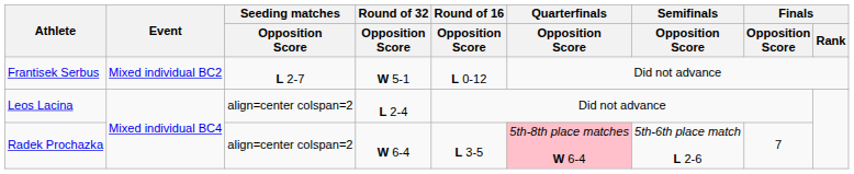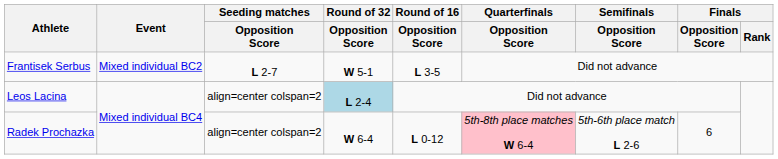 <table class=wikitable>
 <tr>
 <th rowspan="2">Athlete</th>
 <th rowspan="2">Event</th>
 <th>Seeding matches</th>
 <th>Round of 32</th>
 <th>Round of 16</th>
 <th>Quarterfinals</th>
 <th>Semifinals</th>
 <th colspan="2">Finals</th>
 </tr>
 <tr>
 <th>Opposition<br>Score</th>
 <th>Opposition<br>Score</th>
 <th>Opposition<br>Score</th>
 <th>Opposition<br>Score</th>
 <th>Opposition<br>Score</th>
 <th>Opposition<br>Score</th>
 <th>Rank</th>
 </tr>
 <tr>
 <td align=left><a href='#'>Frantisek Serbus</a></td>
 <td align=left><a href='#'>Mixed individual BC2</a></td>
 <td align=center><br><strong>L</strong> 2-7</td>
 <td align=center><br><strong>W</strong> 5-1</td>
-<td align=center><br><strong>L</strong> 0-12</td>
+<td align=center><br><strong>L</strong> 3-5</td>
 <td align=center colspan=4>Did not advance</td>
 </tr>
 <tr>
 <td align=left><a href='#'>Leos Lacina</a></td>
 <td align=left rowspan=2><a href='#'>Mixed individual BC4</a></td>
 <td>align=center colspan=2 </td>
-<td align=center><br><strong>L</strong> 2-4</td>
+<td align=center style="background: lightblue;"><br><strong>L</strong> 2-4</td>
 <td align=center colspan=4>Did not advance</td>
 </tr>
 <tr>
 <td align=left><a href='#'>Radek Prochazka</a></td>
 <td>align=center colspan=2 </td>
 <td align=center><br><strong>W</strong> 6-4</td>
-<td align=center><br><strong>L</strong> 3-5</td>
+<td align=center><br><strong>L</strong> 0-12</td>
 <td align=center style="background: pink;"><em>5th-8th place matches</em><br><br><strong>W</strong> 6-4</td>
 <td align=center><em>5th-6th place match</em><br><br><strong>L</strong> 2-6</td>
-<td align=center>7</td>
+<td align=center>6</td>
 </tr>
 </table>
